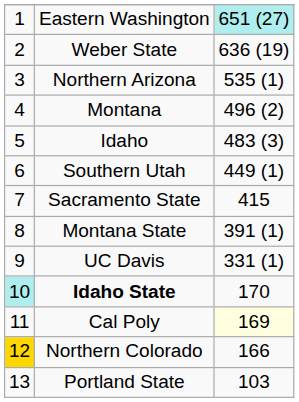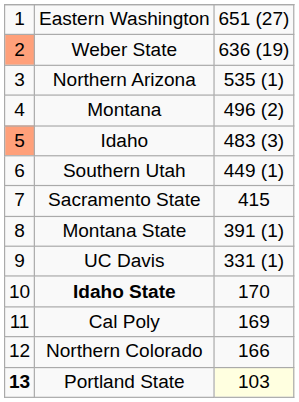 <table class="wikitable" style="display: inline-table;">
 <tr align="center">
 </tr>
 <tr align="center">
 <td>1</td>
 <td>Eastern Washington</td>
-<td style="background: paleturquoise;">651 (27)</td>
+<td>651 (27)</td>
 </tr>
 <tr align="center">
-<td>2</td>
+<td style="background: lightsalmon;">2</td>
 <td>Weber State</td>
 <td>636 (19)</td>
 </tr>
 <tr align="center">
 <td>3</td>
 <td>Northern Arizona</td>
 <td>535 (1)</td>
 </tr>
 <tr align="center">
 <td>4</td>
 <td>Montana</td>
 <td>496 (2)</td>
 </tr>
 <tr align="center">
-<td>5</td>
+<td style="background: lightsalmon;">5</td>
 <td>Idaho</td>
 <td>483 (3)</td>
 </tr>
 <tr align="center">
 <td>6</td>
 <td>Southern Utah</td>
 <td>449 (1)</td>
 </tr>
 <tr align="center">
 <td>7</td>
 <td>Sacramento State</td>
 <td>415</td>
 </tr>
 <tr align="center">
 <td>8</td>
 <td>Montana State</td>
 <td>391 (1)</td>
 </tr>
 <tr align="center">
 <td>9</td>
 <td>UC Davis</td>
 <td>331 (1)</td>
 </tr>
 <tr align="center">
-<td style="background: paleturquoise;">10</td>
+<td>10</td>
 <td><strong>Idaho State</strong></td>
 <td>170</td>
 </tr>
 <tr align="center">
 <td>11</td>
 <td>Cal Poly</td>
-<td style="background: lightyellow;">169</td>
+<td>169</td>
 </tr>
 <tr align="center">
-<td style="background: gold;">12</td>
+<td>12</td>
 <td>Northern Colorado</td>
 <td>166</td>
 </tr>
 <tr align="center">
-<td>13</td>
+<td><strong>13</strong></td>
 <td>Portland State</td>
-<td>103</td>
+<td style="background: lightyellow;">103</td>
 </tr>
 </table>
